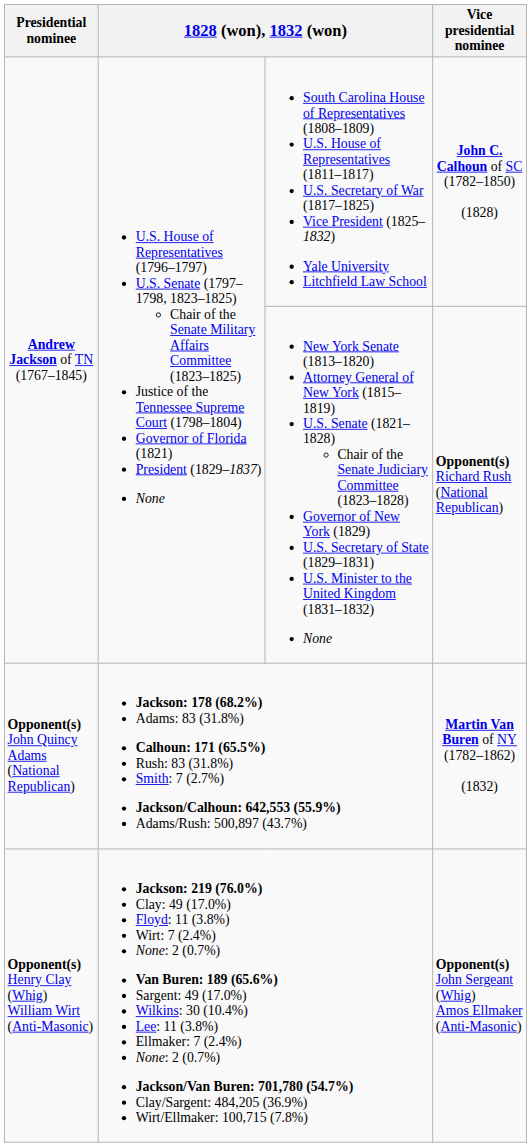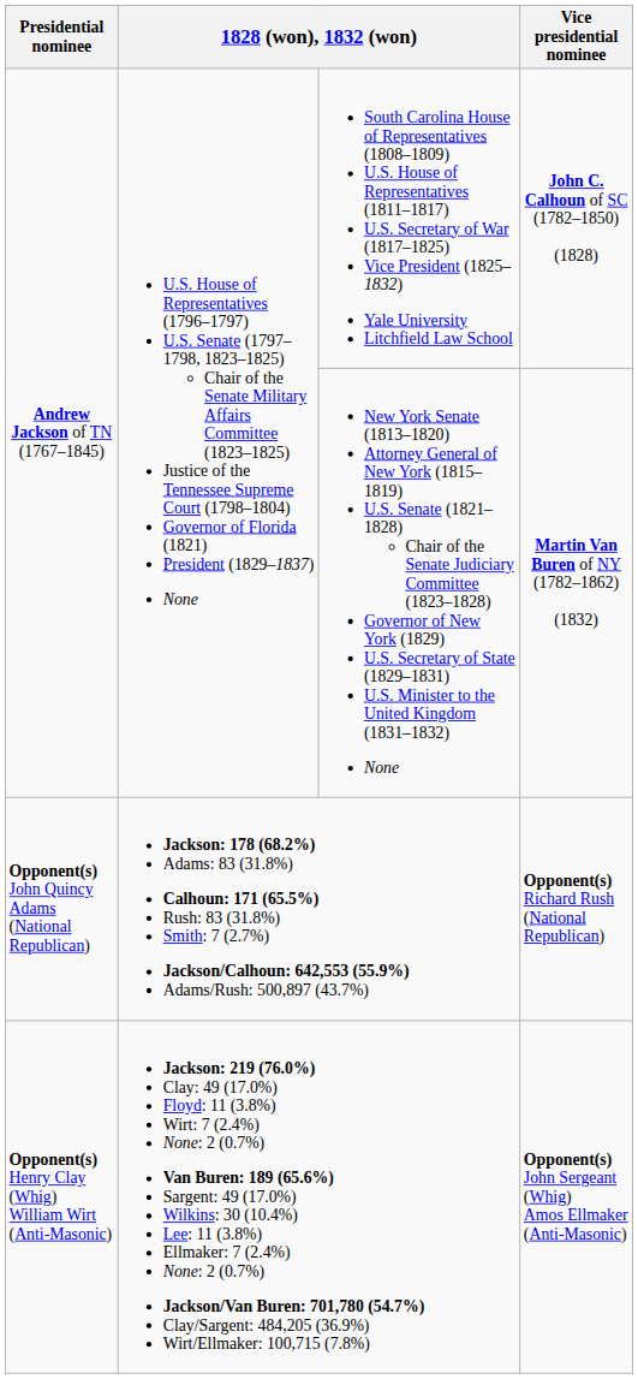 <table class="wikitable">
 <tr>
 <th width=175>Presidential<br>nominee</th>
 <th colspan=2><big><a href='#'>1828</a> (won), <a href='#'>1832</a> (won)</big></th>
 <th width=175>Vice presidential<br>nominee</th>
 </tr>
 <tr>
 <td rowspan=2 style="text-align:center;"><strong><a href='#'>Andrew Jackson</a></strong> of <a href='#'>TN</a><br>(1767–1845)<br></td>
 <td rowspan=2 width=350><br><ul><li><a href='#'>U.S. House of Representatives</a> (1796–1797)</li><li><a href='#'>U.S. Senate</a> (1797–1798, 1823–1825)<ul><li>Chair of the <a href='#'>Senate Military Affairs Committee</a> (1823–1825)</li></ul></li><li>Justice of the <a href='#'>Tennessee Supreme Court</a> (1798–1804)</li><li><a href='#'>Governor of Florida</a> (1821)</li><li><a href='#'>President</a> (1829–<em>1837</em>)</li></ul><ul><li><em>None</em></li></ul></td>
 <td width=350><br><ul><li><a href='#'>South Carolina House of Representatives</a> (1808–1809)</li><li><a href='#'>U.S. House of Representatives</a> (1811–1817)</li><li><a href='#'>U.S. Secretary of War</a> (1817–1825)</li><li><a href='#'>Vice President</a> (1825–<em>1832</em>)</li></ul><ul><li><a href='#'>Yale University</a></li><li><a href='#'>Litchfield Law School</a></li></ul></td>
 <td style="text-align:center;"><strong><a href='#'>John C. Calhoun</a></strong> of <a href='#'>SC</a><br>(1782–1850)<br><br>(1828)</td>
 </tr>
 <tr>
 <td><br><ul><li><a href='#'>New York Senate</a> (1813–1820)</li><li><a href='#'>Attorney General of New York</a> (1815–1819)</li><li><a href='#'>U.S. Senate</a> (1821–1828)<ul><li>Chair of the <a href='#'>Senate Judiciary Committee</a> (1823–1828)</li></ul></li><li><a href='#'>Governor of New York</a> (1829)</li><li><a href='#'>U.S. Secretary of State</a> (1829–1831)</li><li><a href='#'>U.S. Minister to the United Kingdom</a> (1831–1832)</li></ul><ul><li><em>None</em></li></ul></td>
-<td><strong>Opponent(s)</strong><br><a href='#'>Richard Rush</a> (<a href='#'>National Republican</a>)</td>
+<td style="text-align:center;"><strong><a href='#'>Martin Van Buren</a></strong> of <a href='#'>NY</a><br>(1782–1862)<br><br>(1832)</td>
 </tr>
 <tr>
 <td><strong>Opponent(s)</strong><br><a href='#'>John Quincy Adams</a> (<a href='#'>National Republican</a>)</td>
 <td colspan=2><br><ul><li><strong>Jackson: 178 (68.2%)</strong></li><li>Adams: 83 (31.8%)</li></ul><ul><li><strong>Calhoun: 171 (65.5%)</strong></li><li>Rush: 83 (31.8%)</li><li><a href='#'>Smith</a>: 7 (2.7%)</li></ul><ul><li><strong>Jackson/Calhoun: 642,553 (55.9%)</strong></li><li>Adams/Rush: 500,897 (43.7%)</li></ul></td>
-<td style="text-align:center;"><strong><a href='#'>Martin Van Buren</a></strong> of <a href='#'>NY</a><br>(1782–1862)<br><br>(1832)</td>
+<td><strong>Opponent(s)</strong><br><a href='#'>Richard Rush</a> (<a href='#'>National Republican</a>)</td>
 </tr>
 <tr>
 <td><strong>Opponent(s)</strong><br><a href='#'>Henry Clay</a> (<a href='#'>Whig</a>)<br><a href='#'>William Wirt</a> (<a href='#'>Anti-Masonic</a>)</td>
 <td colspan=2><br><ul><li><strong>Jackson: 219 (76.0%)</strong></li><li>Clay: 49 (17.0%)</li><li><a href='#'>Floyd</a>: 11 (3.8%)</li><li>Wirt: 7 (2.4%)</li><li><em>None</em>: 2 (0.7%)</li></ul><ul><li><strong>Van Buren: 189 (65.6%)</strong></li><li>Sargent: 49 (17.0%)</li><li><a href='#'>Wilkins</a>: 30 (10.4%)</li><li><a href='#'>Lee</a>: 11 (3.8%)</li><li>Ellmaker: 7 (2.4%)</li><li><em>None</em>: 2 (0.7%)</li></ul><ul><li><strong>Jackson/Van Buren: 701,780 (54.7%)</strong></li><li>Clay/Sargent: 484,205 (36.9%)</li><li>Wirt/Ellmaker: 100,715 (7.8%)</li></ul></td>
 <td><strong>Opponent(s)</strong><br><a href='#'>John Sergeant</a> (<a href='#'>Whig</a>)<br><a href='#'>Amos Ellmaker</a> (<a href='#'>Anti-Masonic</a>)</td>
 </tr>
 </table>
